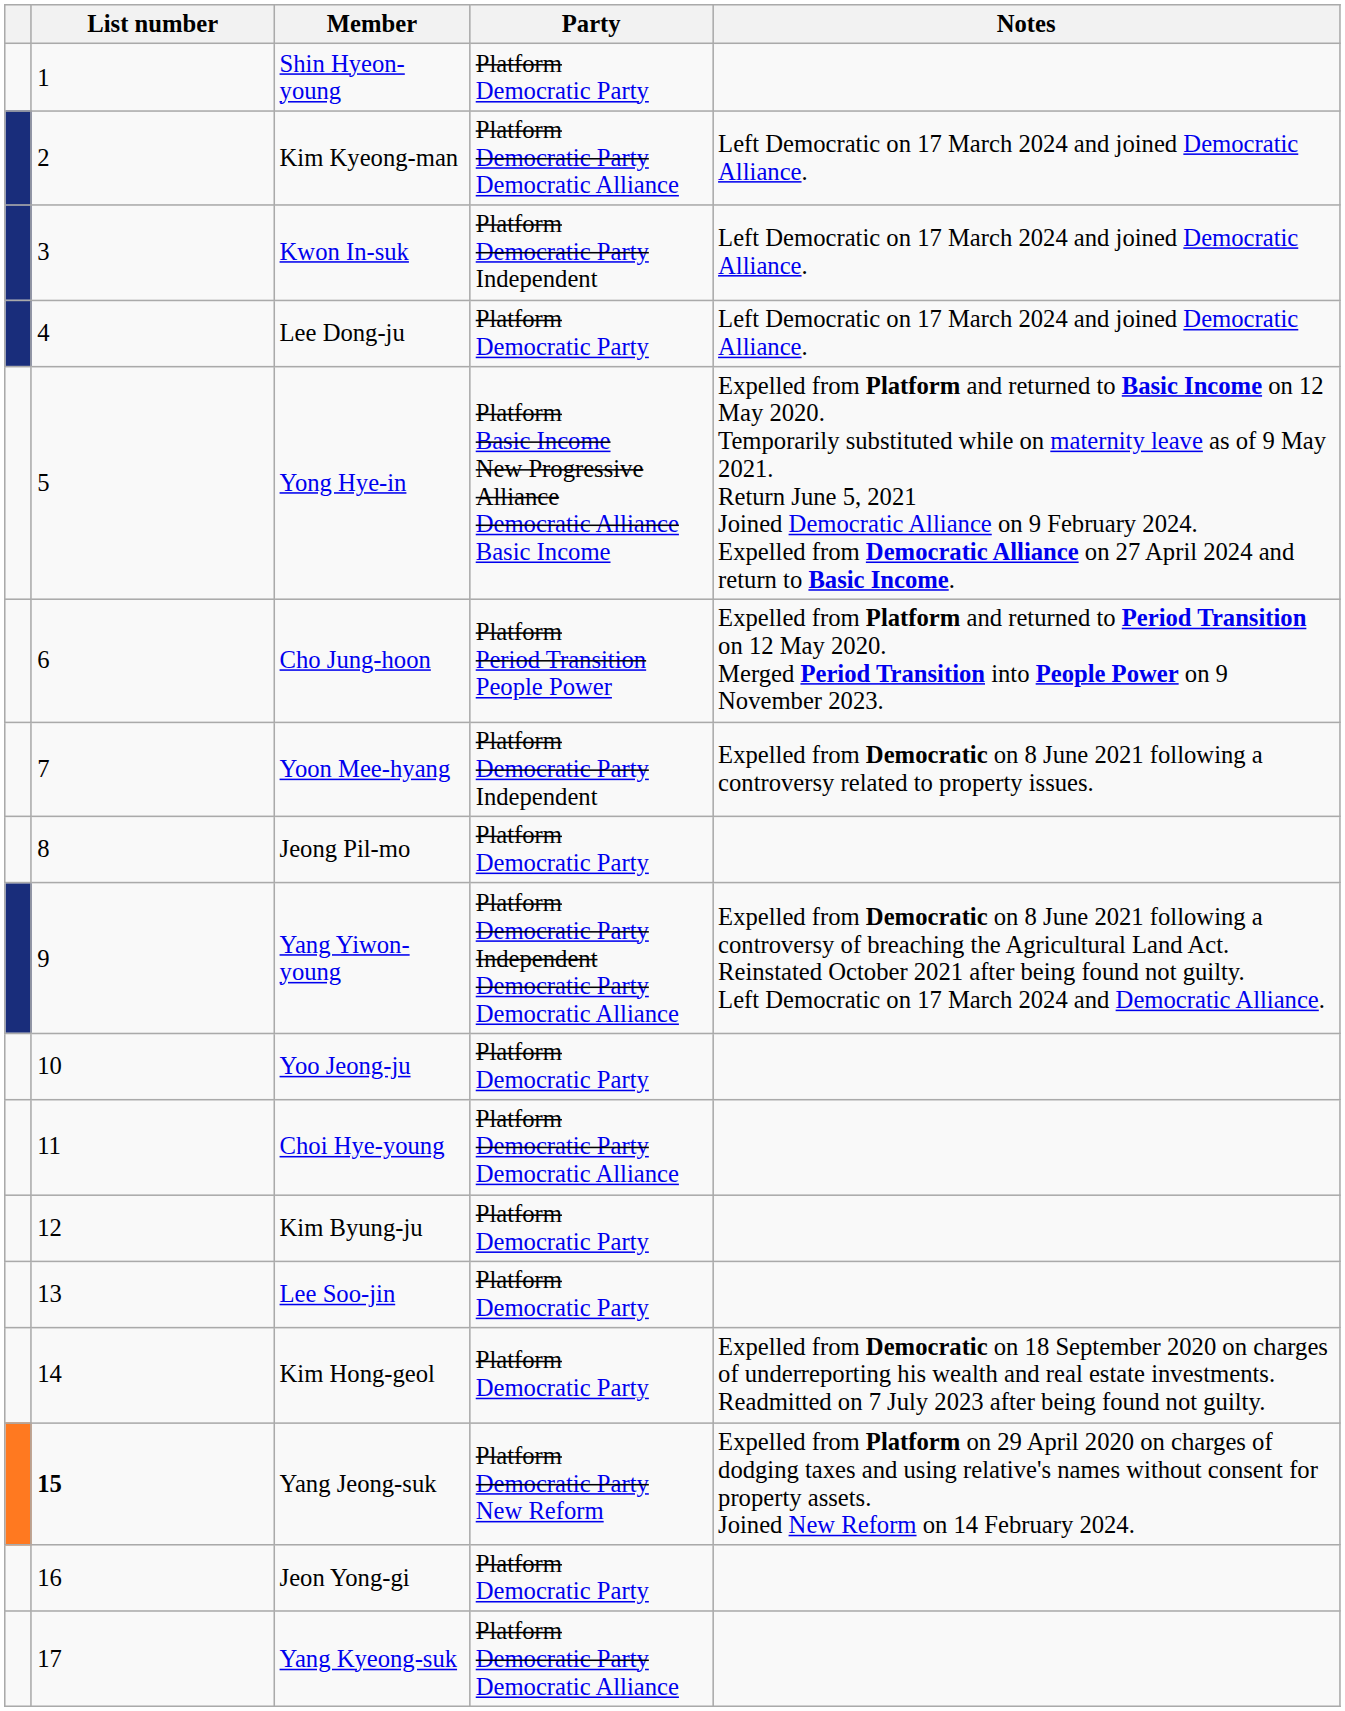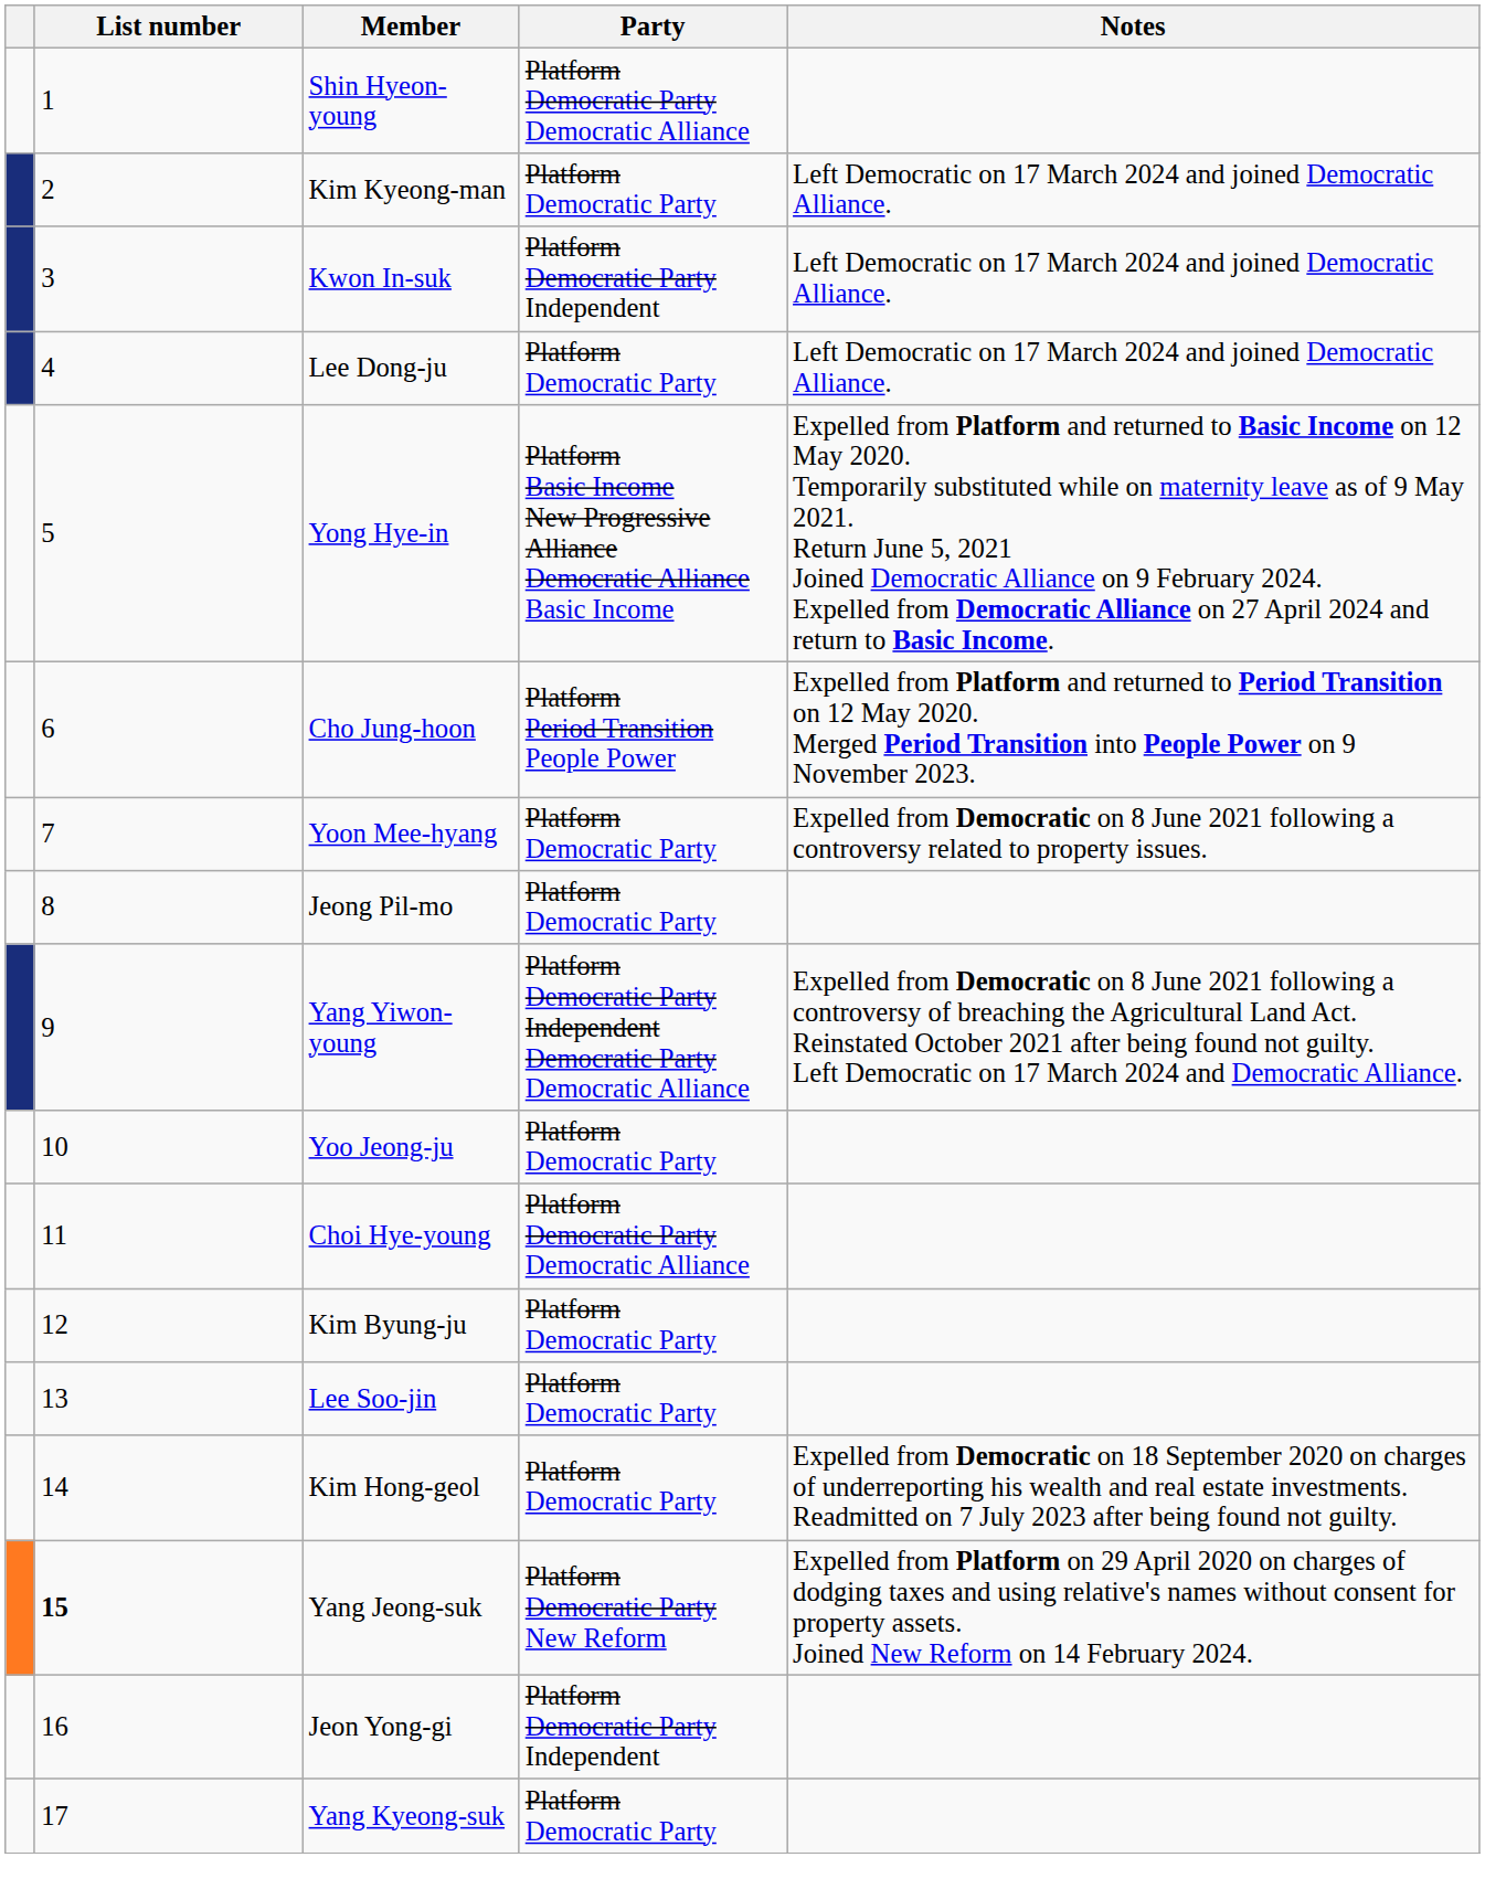 <table class="wikitable sortable">
 <tr>
 <th scope="col" style="width:10px;" class="unsortable"></th>
 <th scope="col" style="width:150px;">List number</th>
 <th scope="col" style="width:120px;">Member</th>
 <th scope="col" style="width:150px;">Party</th>
 <th scope="col" style="width:400px;" class="unsortable">Notes</th>
 </tr>
 <tr>
 <td scope="row" width="10" style="background-color:"></td>
 <td style="width:50px;">1</td>
 <td><a href='#'>Shin Hyeon-young</a></td>
-<td><s>Platform</s><br><a href='#'>Democratic Party</a></td>
+<td><s>Platform</s><br><s><a href='#'>Democratic Party</a></s><br><a href='#'>Democratic Alliance</a></td>
 <td></td>
 </tr>
 <tr>
 <td scope="row" style="background-color:#192D7B"></td>
 <td>2</td>
 <td>Kim Kyeong-man</td>
-<td><s>Platform</s><br><s><a href='#'>Democratic Party</a></s><br><a href='#'>Democratic Alliance</a></td>
+<td><s>Platform</s><br><a href='#'>Democratic Party</a></td>
 <td>Left Democratic on 17 March 2024 and joined <a href='#'>Democratic Alliance</a>.</td>
 </tr>
 <tr>
 <td scope="row" style="background-color:#192D7B"></td>
 <td>3</td>
 <td><a href='#'>Kwon In-suk</a></td>
 <td><s>Platform</s><br><s><a href='#'>Democratic Party</a></s><br>Independent</td>
 <td>Left Democratic on 17 March 2024 and joined <a href='#'>Democratic Alliance</a>.</td>
 </tr>
 <tr>
 <td scope="row" style="background-color:#192D7B"></td>
 <td>4</td>
 <td>Lee Dong-ju</td>
 <td><s>Platform</s><br><a href='#'>Democratic Party</a></td>
 <td>Left Democratic on 17 March 2024 and joined <a href='#'>Democratic Alliance</a>.</td>
 </tr>
 <tr>
 <td scope="row" style="background-color:"></td>
 <td>5</td>
 <td><a href='#'>Yong Hye-in</a></td>
 <td><s>Platform</s><br><s><a href='#'>Basic Income</a></s><br><s>New Progressive Alliance</s><br><s><a href='#'>Democratic Alliance</a></s><br> <a href='#'>Basic Income</a></td>
 <td>Expelled from <strong>Platform</strong> and returned to <strong><a href='#'>Basic Income</a></strong> on 12 May 2020. <br>Temporarily substituted while on <a href='#'>maternity leave</a> as of 9 May 2021.<br>Return June 5, 2021<br>Joined <a href='#'>Democratic Alliance</a> on 9 February 2024.<br>Expelled from <strong><a href='#'>Democratic Alliance</a></strong> on 27 April 2024 and return to <strong><a href='#'>Basic Income</a></strong>.</td>
 </tr>
 <tr>
 <td scope="row" style="background-color:"></td>
 <td>6</td>
 <td><a href='#'>Cho Jung-hoon</a></td>
 <td><s>Platform</s><br><s><a href='#'>Period Transition</a></s><br><a href='#'>People Power</a></td>
 <td>Expelled from <strong>Platform</strong> and returned to <strong><a href='#'>Period Transition</a></strong> on 12 May 2020. <br> Merged <strong><a href='#'>Period Transition</a></strong> into <strong><a href='#'>People Power</a></strong> on 9 November 2023.</td>
 </tr>
 <tr>
 <td scope="row" style="background-color:"></td>
 <td>7</td>
 <td><a href='#'>Yoon Mee-hyang</a></td>
-<td><s>Platform</s><br><s><a href='#'>Democratic Party</a></s><br>Independent</td>
+<td><s>Platform</s><br><a href='#'>Democratic Party</a></td>
 <td>Expelled from <strong>Democratic</strong> on 8 June 2021 following a controversy related to property issues.</td>
 </tr>
 <tr>
 <td scope="row" style="background-color:"></td>
 <td>8</td>
 <td>Jeong Pil-mo</td>
 <td><s>Platform</s><br><a href='#'>Democratic Party</a></td>
 <td></td>
 </tr>
 <tr>
 <td scope="row" style="background-color:#192D7B"></td>
 <td>9</td>
 <td><a href='#'>Yang Yiwon-young</a></td>
 <td><s>Platform</s><br><s><a href='#'>Democratic Party</a></s><br><s>Independent</s><br><s><a href='#'>Democratic Party</a></s><br><a href='#'>Democratic Alliance</a></td>
 <td>Expelled from <strong>Democratic</strong> on 8 June 2021 following a controversy of breaching the Agricultural Land Act. Reinstated October 2021 after being found not guilty.<br>Left Democratic on 17 March 2024 and <a href='#'>Democratic Alliance</a>.</td>
 </tr>
 <tr>
 <td scope="row" style="background-color:"></td>
 <td>10</td>
 <td><a href='#'>Yoo Jeong-ju</a></td>
 <td><s>Platform</s><br><a href='#'>Democratic Party</a></td>
 <td></td>
 </tr>
 <tr>
 <td scope="row" style="background-color:"></td>
 <td>11</td>
 <td><a href='#'>Choi Hye-young</a></td>
 <td><s>Platform</s><br><s><a href='#'>Democratic Party</a></s><br><a href='#'>Democratic Alliance</a></td>
 <td></td>
 </tr>
 <tr>
 <td scope="row" style="background-color:"></td>
 <td>12</td>
 <td>Kim Byung-ju</td>
 <td><s>Platform</s><br><a href='#'>Democratic Party</a></td>
 <td></td>
 </tr>
 <tr>
 <td scope="row" style="background-color:"></td>
 <td>13</td>
 <td><a href='#'>Lee Soo-jin</a></td>
 <td><s>Platform</s><br><a href='#'>Democratic Party</a></td>
 <td></td>
 </tr>
 <tr>
 <td scope="row" style="background-color:"></td>
 <td>14</td>
 <td>Kim Hong-geol</td>
 <td><s>Platform</s><br><a href='#'>Democratic Party</a></td>
 <td>Expelled from <strong>Democratic</strong> on 18 September 2020 on charges of underreporting his wealth and real estate investments.<br> Readmitted on 7 July 2023 after being found not guilty.</td>
 </tr>
 <tr>
 <td scope="row" style="background-color:#FF7920"></td>
 <td><strong>15</strong></td>
 <td>Yang Jeong-suk</td>
 <td><s>Platform</s><br><s><a href='#'>Democratic Party</a></s><br><a href='#'>New Reform</a></td>
 <td>Expelled from <strong>Platform</strong> on 29 April 2020 on charges of dodging taxes and using relative's names without consent for property assets.<br> Joined <a href='#'>New Reform</a> on 14 February 2024.</td>
 </tr>
 <tr>
 <td scope="row" style="background-color:"></td>
 <td>16</td>
 <td>Jeon Yong-gi</td>
-<td><s>Platform</s><br><a href='#'>Democratic Party</a></td>
+<td><s>Platform</s><br><s><a href='#'>Democratic Party</a></s><br>Independent</td>
 <td></td>
 </tr>
 <tr>
 <td scope="row" style="background-color:"></td>
 <td>17</td>
 <td><a href='#'>Yang Kyeong-suk</a></td>
-<td><s>Platform</s><br><s><a href='#'>Democratic Party</a></s><br><a href='#'>Democratic Alliance</a></td>
+<td><s>Platform</s><br><a href='#'>Democratic Party</a></td>
 <td></td>
 </tr>
 <tr>
 </tr>
 </table>
